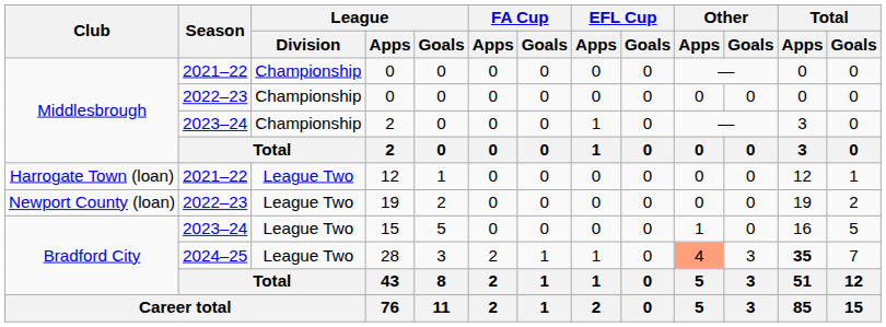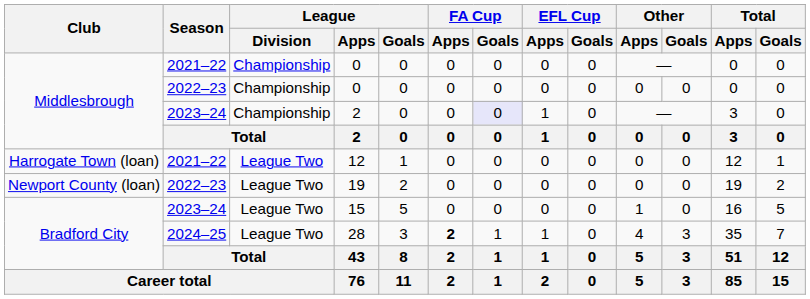 <table class="wikitable" style="text-align: center">
 <tr>
 <th rowspan="2">Club</th>
 <th rowspan="2">Season</th>
 <th colspan="3">League</th>
 <th colspan="2"><a href='#'>FA Cup</a></th>
 <th colspan="2"><a href='#'>EFL Cup</a></th>
 <th colspan="2">Other</th>
 <th colspan="2">Total</th>
 </tr>
 <tr>
 <th>Division</th>
 <th>Apps</th>
 <th>Goals</th>
 <th>Apps</th>
 <th>Goals</th>
 <th>Apps</th>
 <th>Goals</th>
 <th>Apps</th>
 <th>Goals</th>
 <th>Apps</th>
 <th>Goals</th>
 </tr>
 <tr>
 <td rowspan="4"><a href='#'>Middlesbrough</a></td>
 <td><a href='#'>2021–22</a></td>
 <td><a href='#'>Championship</a></td>
 <td>0</td>
 <td>0</td>
 <td>0</td>
 <td>0</td>
 <td>0</td>
 <td>0</td>
 <td colspan="2">—</td>
 <td>0</td>
 <td>0</td>
 </tr>
 <tr>
 <td><a href='#'>2022–23</a></td>
 <td>Championship</td>
 <td>0</td>
 <td>0</td>
 <td>0</td>
 <td>0</td>
 <td>0</td>
 <td>0</td>
 <td>0</td>
 <td>0</td>
 <td>0</td>
 <td>0</td>
 </tr>
 <tr>
 <td><a href='#'>2023–24</a></td>
 <td>Championship</td>
 <td>2</td>
 <td>0</td>
 <td>0</td>
-<td>0</td>
+<td style="background: lavender;">0</td>
 <td>1</td>
 <td>0</td>
 <td colspan="2">—</td>
 <td>3</td>
 <td>0</td>
 </tr>
 <tr>
 <th colspan="2">Total</th>
 <th>2</th>
 <th>0</th>
 <th>0</th>
 <th>0</th>
 <th>1</th>
 <th>0</th>
 <th>0</th>
 <th>0</th>
 <th>3</th>
 <th>0</th>
 </tr>
 <tr>
 <td><a href='#'>Harrogate Town</a> (loan)</td>
 <td><a href='#'>2021–22</a></td>
 <td><a href='#'>League Two</a></td>
 <td>12</td>
 <td>1</td>
 <td>0</td>
 <td>0</td>
 <td>0</td>
 <td>0</td>
 <td>0</td>
 <td>0</td>
 <td>12</td>
 <td>1</td>
 </tr>
 <tr>
 <td><a href='#'>Newport County</a> (loan)</td>
 <td><a href='#'>2022–23</a></td>
 <td>League Two</td>
 <td>19</td>
 <td>2</td>
 <td>0</td>
 <td>0</td>
 <td>0</td>
 <td>0</td>
 <td>0</td>
 <td>0</td>
 <td>19</td>
 <td>2</td>
 </tr>
 <tr>
 <td rowspan="3"><a href='#'>Bradford City</a></td>
 <td><a href='#'>2023–24</a></td>
 <td>League Two</td>
 <td>15</td>
 <td>5</td>
 <td>0</td>
 <td>0</td>
 <td>0</td>
 <td>0</td>
 <td>1</td>
 <td>0</td>
 <td>16</td>
 <td>5</td>
 </tr>
 <tr>
 <td><a href='#'>2024–25</a></td>
 <td>League Two</td>
 <td>28</td>
 <td>3</td>
-<td>2</td>
+<td><strong>2</strong></td>
 <td>1</td>
 <td>1</td>
 <td>0</td>
-<td style="background: lightsalmon;">4</td>
+<td>4</td>
 <td>3</td>
-<td><strong>35</strong></td>
+<td>35</td>
 <td>7</td>
 </tr>
 <tr>
 <th colspan="2">Total</th>
 <th>43</th>
 <th>8</th>
 <th>2</th>
 <th>1</th>
 <th>1</th>
 <th>0</th>
 <th>5</th>
 <th>3</th>
 <th>51</th>
 <th>12</th>
 </tr>
 <tr>
 <th colspan="3">Career total</th>
 <th>76</th>
 <th>11</th>
 <th>2</th>
 <th>1</th>
 <th>2</th>
 <th>0</th>
 <th>5</th>
 <th>3</th>
 <th>85</th>
 <th>15</th>
 </tr>
 </table>
